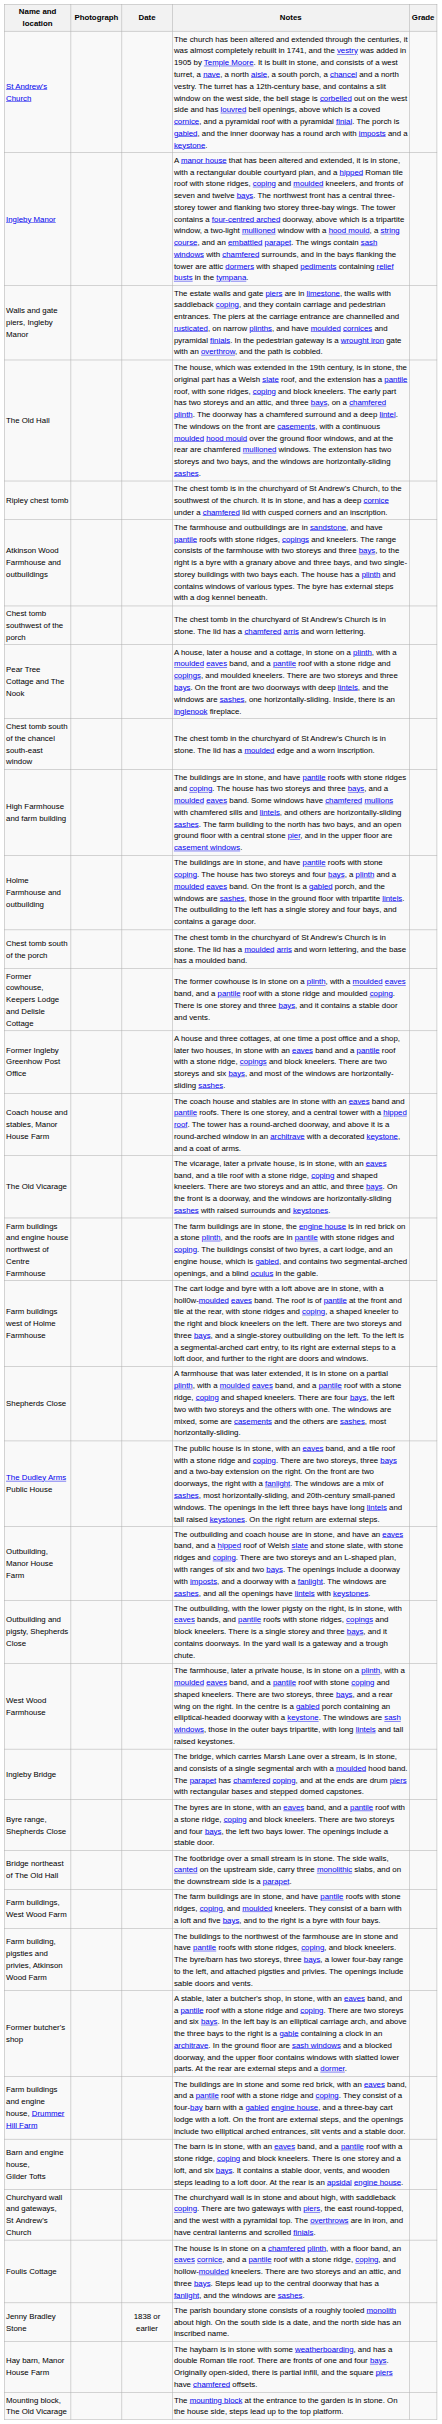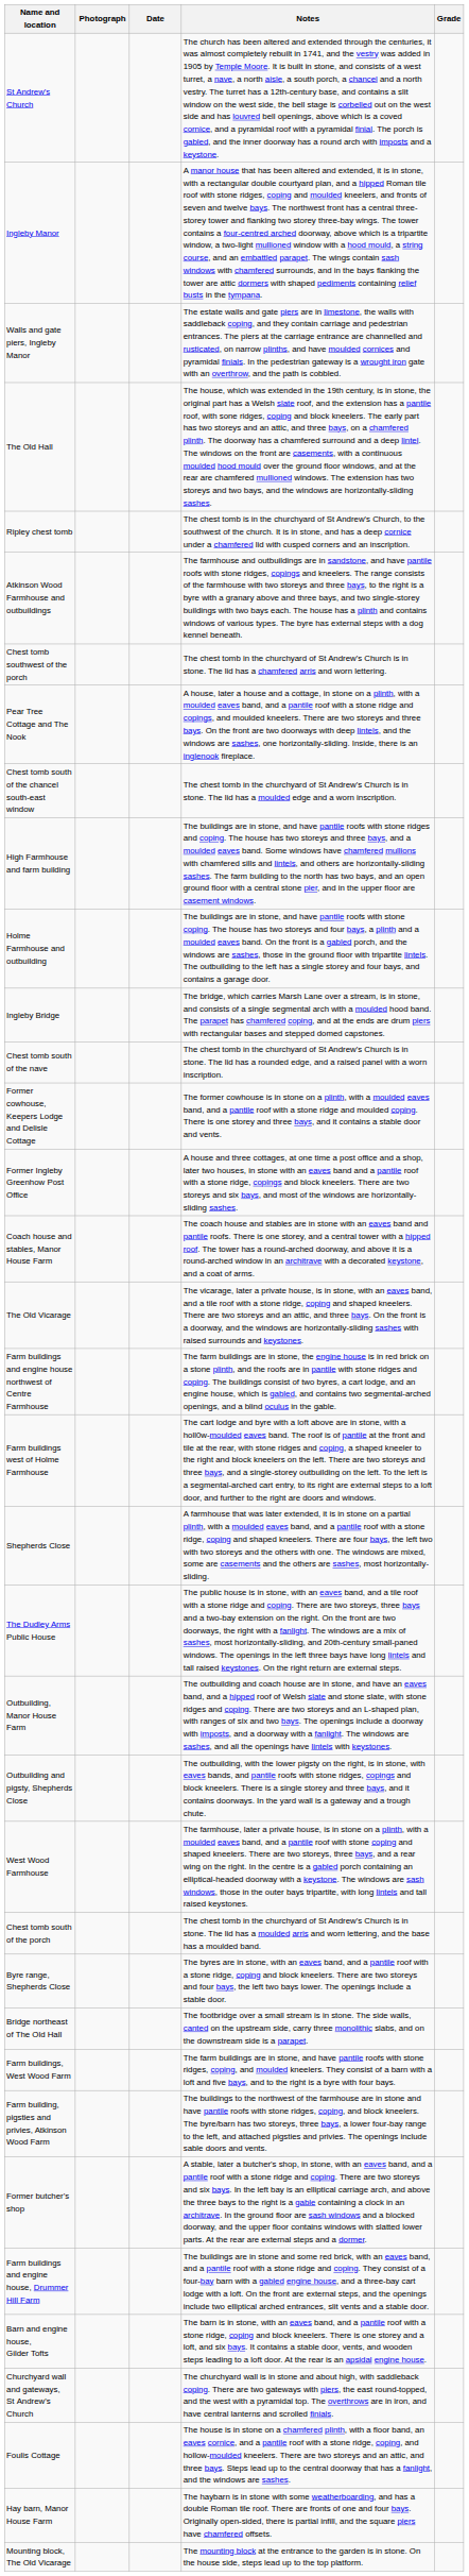 <table class="wikitable sortable plainrowheaders" style="width:100%; border:0px; text-align:left; line-height:150%">
 <tr>
 <th scope="col"  style="width:150px">Name and location</th>
 <th scope="col"  style="width:100px" class="unsortable">Photograph</th>
 <th scope="col"  style="width:120px">Date</th>
 <th scope="col"  style="width:650px" class="unsortable">Notes</th>
 <th scope="col"  style="width:50px">Grade</th>
 </tr>
 <tr>
 <td><a href='#'>St Andrew's Church</a><br><small></small></td>
 <td></td>
 <td align="center"></td>
 <td>The church has been altered and extended through the centuries, it was almost completely rebuilt in 1741, and the <a href='#'>vestry</a> was added in 1905 by <a href='#'>Temple Moore</a>. It is built in stone, and consists of a west turret, a <a href='#'>nave</a>, a north <a href='#'>aisle</a>, a south porch, a <a href='#'>chancel</a> and a north vestry. The turret has a 12th-century base, and contains a slit window on the west side, the bell stage is <a href='#'>corbelled</a> out on the west side and has <a href='#'>louvred</a> bell openings, above which is a coved <a href='#'>cornice</a>, and a pyramidal roof with a pyramidal <a href='#'>finial</a>. The porch is <a href='#'>gabled</a>, and the inner doorway has a round arch with <a href='#'>imposts</a> and a <a href='#'>keystone</a>.</td>
 <td align="center" ></td>
 </tr>
 <tr>
 <td><a href='#'>Ingleby Manor</a><br><small></small></td>
 <td></td>
 <td align="center"></td>
 <td>A <a href='#'>manor house</a> that has been altered and extended, it is in stone, with a rectangular double courtyard plan, and a <a href='#'>hipped</a> Roman tile roof with stone ridges, <a href='#'>coping</a> and <a href='#'>moulded</a> kneelers, and fronts of seven and twelve <a href='#'>bays</a>. The northwest front has a central three-storey tower and flanking two storey three-bay wings. The tower contains a <a href='#'>four-centred arched</a> doorway, above which is a tripartite window, a two-light <a href='#'>mullioned</a> window with a <a href='#'>hood mould</a>, a <a href='#'>string course</a>, and an <a href='#'>embattled</a> <a href='#'>parapet</a>. The wings contain <a href='#'>sash windows</a> with <a href='#'>chamfered</a> surrounds, and in the bays flanking the tower are attic <a href='#'>dormers</a> with shaped <a href='#'>pediments</a> containing <a href='#'>relief</a> <a href='#'>busts</a> in the <a href='#'>tympana</a>.</td>
 <td align="center" ></td>
 </tr>
 <tr>
 <td>Walls and gate piers, Ingleby Manor<br><small></small></td>
 <td></td>
 <td align="center"></td>
 <td>The estate walls and gate <a href='#'>piers</a> are in <a href='#'>limestone</a>, the walls with saddleback <a href='#'>coping</a>, and they contain carriage and pedestrian entrances. The piers at the carriage entrance are channelled and <a href='#'>rusticated</a>, on narrow <a href='#'>plinths</a>, and have <a href='#'>moulded</a> <a href='#'>cornices</a> and pyramidal <a href='#'>finials</a>. In the pedestrian gateway is a <a href='#'>wrought iron</a> gate with an <a href='#'>overthrow</a>, and the path is cobbled.</td>
 <td align="center" ></td>
 </tr>
 <tr>
 <td>The Old Hall<br><small></small></td>
 <td></td>
 <td align="center"></td>
 <td>The house, which was extended in the 19th century, is in stone, the original part has a Welsh <a href='#'>slate</a> roof, and the extension has a <a href='#'>pantile</a> roof, with sone ridges, <a href='#'>coping</a> and block kneelers. The early part has two storeys and an attic, and three <a href='#'>bays</a>, on a <a href='#'>chamfered</a> <a href='#'>plinth</a>. The doorway has a chamfered surround and a deep <a href='#'>lintel</a>. The windows on the front are <a href='#'>casements</a>, with a continuous <a href='#'>moulded</a> <a href='#'>hood mould</a> over the ground floor windows, and at the rear are chamfered <a href='#'>mullioned</a> windows. The extension has two storeys and two bays, and the windows are horizontally-sliding <a href='#'>sashes</a>.</td>
 <td align="center" ></td>
 </tr>
 <tr>
 <td>Ripley chest tomb<br><small></small></td>
 <td></td>
 <td align="center"></td>
 <td>The chest tomb is in the churchyard of St Andrew's Church, to the southwest of the church. It is in stone, and has a deep <a href='#'>cornice</a> under a <a href='#'>chamfered</a> lid with cusped corners and an inscription.</td>
 <td align="center" ></td>
 </tr>
 <tr>
 <td>Atkinson Wood Farmhouse and outbuildings<br><small></small></td>
 <td></td>
 <td align="center"></td>
 <td>The farmhouse and outbuildings are in <a href='#'>sandstone</a>, and have <a href='#'>pantile</a> roofs with stone ridges, <a href='#'>copings</a> and kneelers. The range consists of the farmhouse with two storeys and three <a href='#'>bays</a>, to the  right is a byre with a granary above and three bays, and two single-storey buildings with two bays each. The house has a <a href='#'>plinth</a> and contains windows of various types.  The byre has external steps with a dog kennel beneath.</td>
 <td align="center" ></td>
 </tr>
 <tr>
 <td>Chest tomb southwest of the porch<br><small></small></td>
 <td></td>
 <td align="center"></td>
 <td>The chest tomb in the churchyard of St Andrew's Church is in stone. The lid has a <a href='#'>chamfered</a> <a href='#'>arris</a> and worn lettering.</td>
 <td align="center" ></td>
 </tr>
 <tr>
 <td>Pear Tree Cottage and The Nook<br><small></small></td>
 <td></td>
 <td align="center"></td>
 <td>A house, later a house and a cottage, in stone on a <a href='#'>plinth</a>, with a <a href='#'>moulded</a> <a href='#'>eaves</a> band, and a <a href='#'>pantile</a> roof with a stone ridge and <a href='#'>copings</a>, and moulded kneelers. There are two storeys and three <a href='#'>bays</a>. On the front are two doorways with deep <a href='#'>lintels</a>, and the windows are <a href='#'>sashes</a>, one horizontally-sliding. Inside, there is an <a href='#'>inglenook</a> fireplace.</td>
 <td align="center" ></td>
 </tr>
 <tr>
 <td>Chest tomb south of the chancel south-east window<br><small></small></td>
 <td></td>
 <td align="center"></td>
 <td>The chest tomb in the churchyard of St Andrew's Church is in stone. The lid has a <a href='#'>moulded</a> edge and a worn inscription.</td>
 <td align="center" ></td>
 </tr>
 <tr>
 <td>High Farmhouse and farm building<br><small></small></td>
 <td></td>
 <td align="center"></td>
 <td>The buildings are in stone, and have <a href='#'>pantile</a> roofs with stone ridges and <a href='#'>coping</a>. The house has two storeys and three <a href='#'>bays</a>, and a <a href='#'>moulded</a> <a href='#'>eaves</a> band. Some windows have <a href='#'>chamfered</a> <a href='#'>mullions</a> with chamfered sills and <a href='#'>lintels</a>, and others are horizontally-sliding <a href='#'>sashes</a>. The farm building to the north has two bays, and an open ground floor with a central stone <a href='#'>pier</a>, and in the upper floor are <a href='#'>casement windows</a>.</td>
 <td align="center" ></td>
 </tr>
 <tr>
 <td>Holme Farmhouse and outbuilding<br><small></small></td>
 <td></td>
 <td align="center"></td>
 <td>The buildings are in stone, and have <a href='#'>pantile</a> roofs with stone <a href='#'>coping</a>. The house has two storeys and four <a href='#'>bays</a>, a <a href='#'>plinth</a> and a <a href='#'>moulded</a> <a href='#'>eaves</a> band. On the front is a <a href='#'>gabled</a> porch, and the windows are <a href='#'>sashes</a>, those in the ground floor with tripartite <a href='#'>lintels</a>. The outbuilding to the left has a single storey and four bays, and contains a garage door.</td>
 <td align="center" ></td>
 </tr>
 <tr>
-<td>Chest tomb south of the porch<br><small></small></td>
+<td>Ingleby Bridge<br><small></small></td>
 <td></td>
 <td align="center"></td>
-<td>The chest tomb in the churchyard of St Andrew's Church is in stone. The lid has a <a href='#'>moulded</a> <a href='#'>arris</a> and worn lettering, and the base has a moulded band.</td>
+<td>The bridge, which carries Marsh Lane over a stream, is in stone, and consists of a single segmental arch with a <a href='#'>moulded</a> hood band. The <a href='#'>parapet</a> has <a href='#'>chamfered</a> <a href='#'>coping</a>, and at the ends are drum <a href='#'>piers</a> with rectangular bases and stepped domed capstones.</td>
+<td align="center" ></td>
+</tr>
+<tr>
+<td>Chest tomb south of the nave<br><small></small></td>
+<td></td>
+<td align="center"></td>
+<td>The chest tomb in the churchyard of St Andrew's Church is in stone. The lid has a rounded edge, and a raised panel with a worn inscription.</td>
 <td align="center" ></td>
 </tr>
 <tr>
 <td>Former cowhouse, Keepers Lodge and Delisle Cottage<br><small></small></td>
 <td></td>
 <td align="center"></td>
 <td>The former cowhouse is in stone on a <a href='#'>plinth</a>, with a <a href='#'>moulded</a> <a href='#'>eaves</a> band, and a <a href='#'>pantile</a> roof with a stone ridge and moulded <a href='#'>coping</a>. There is one storey and three <a href='#'>bays</a>, and it contains a stable door and vents.</td>
 <td align="center" ></td>
 </tr>
 <tr>
 <td>Former Ingleby Greenhow Post Office<br><small></small></td>
 <td></td>
 <td align="center"></td>
 <td>A house and three cottages, at one time a post office and a shop, later two houses, in stone with an <a href='#'>eaves</a> band and a <a href='#'>pantile</a> roof with a stone ridge, <a href='#'>copings</a> and block kneelers. There are two storeys and six <a href='#'>bays</a>, and most of the windows are horizontally-sliding <a href='#'>sashes</a>.</td>
 <td align="center" ></td>
 </tr>
 <tr>
 <td>Coach house and stables, Manor House Farm<br><small></small></td>
 <td></td>
 <td align="center"></td>
 <td>The coach house and stables are in stone with an <a href='#'>eaves</a> band and <a href='#'>pantile</a> roofs. There is one storey, and a central tower with a <a href='#'>hipped roof</a>. The tower has a round-arched doorway, and above it is a round-arched window in an <a href='#'>architrave</a> with a decorated <a href='#'>keystone</a>, and a coat of arms.</td>
 <td align="center" ></td>
 </tr>
 <tr>
 <td>The Old Vicarage<br><small></small></td>
 <td></td>
 <td align="center"></td>
 <td>The vicarage, later a private house, is in stone, with an <a href='#'>eaves</a> band, and a tile roof with a stone ridge, <a href='#'>coping</a> and shaped kneelers. There are two storeys and an attic, and three <a href='#'>bays</a>. On the front is a doorway, and the windows are horizontally-sliding <a href='#'>sashes</a> with raised surrounds and <a href='#'>keystones</a>.</td>
 <td align="center" ></td>
 </tr>
 <tr>
 <td>Farm buildings and engine house northwest of Centre Farmhouse<br><small></small></td>
 <td></td>
 <td align="center"></td>
 <td>The farm buildings are in stone, the <a href='#'>engine house</a> is in red brick on a stone <a href='#'>plinth</a>, and the roofs are in <a href='#'>pantile</a> with stone ridges and <a href='#'>coping</a>. The buildings consist of two byres, a cart lodge, and an engine house, which is <a href='#'>gabled</a>, and contains two segmental-arched openings, and a blind <a href='#'>oculus</a> in the gable.</td>
 <td align="center" ></td>
 </tr>
 <tr>
 <td>Farm buildings west of Holme Farmhouse<br><small></small></td>
 <td></td>
 <td align="center"></td>
 <td>The cart lodge and byre with a loft above are in stone, with a holl0w-<a href='#'>moulded</a> <a href='#'>eaves</a> band.  The roof is of <a href='#'>pantile</a> at the front and tile at the rear, with stone ridges and <a href='#'>coping</a>, a shaped kneeler to the right and block kneelers on the left. There are two storeys and three <a href='#'>bays</a>, and a single-storey outbuilding on the left. To the left is a segmental-arched cart entry, to its right are external steps to a loft door, and further to the right are doors and windows.</td>
 <td align="center" ></td>
 </tr>
 <tr>
 <td>Shepherds Close<br><small></small></td>
 <td></td>
 <td align="center"></td>
 <td>A farmhouse that was later extended, it is in stone on a partial <a href='#'>plinth</a>, with a <a href='#'>moulded</a> <a href='#'>eaves</a> band, and a <a href='#'>pantile</a> roof with a stone ridge, <a href='#'>coping</a> and shaped kneelers. There are four <a href='#'>bays</a>, the left two with two storeys and the others with one. The windows are mixed, some are <a href='#'>casements</a> and the others are <a href='#'>sashes</a>, most horizontally-sliding.</td>
 <td align="center" ></td>
 </tr>
 <tr>
 <td><a href='#'>The Dudley Arms</a> Public House<br><small></small></td>
 <td></td>
 <td align="center"></td>
 <td>The public house is in stone, with an <a href='#'>eaves</a> band, and a tile roof with a stone ridge and <a href='#'>coping</a>. There are two storeys, three <a href='#'>bays</a> and a two-bay extension on the right. On the front are two doorways, the right with  a <a href='#'>fanlight</a>.  The windows are a mix of <a href='#'>sashes</a>, most horizontally-sliding, and 20th-century small-paned windows. The openings in the left three bays have long <a href='#'>lintels</a> and tall raised <a href='#'>keystones</a>. On the right return are external steps.</td>
 <td align="center" ></td>
 </tr>
 <tr>
 <td>Outbuilding, Manor House Farm<br><small></small></td>
 <td></td>
 <td align="center"></td>
 <td>The outbuilding and coach house are in stone, and have an <a href='#'>eaves</a> band, and a <a href='#'>hipped</a> roof of Welsh <a href='#'>slate</a> and stone slate, with stone ridges and <a href='#'>coping</a>. There are two storeys and an L-shaped plan, with ranges of six and two <a href='#'>bays</a>. The openings include a doorway with <a href='#'>imposts</a>, and a doorway with a <a href='#'>fanlight</a>. The windows are <a href='#'>sashes</a>, and all the openings have <a href='#'>lintels</a> with <a href='#'>keystones</a>.</td>
 <td align="center" ></td>
 </tr>
 <tr>
 <td>Outbuilding and pigsty, Shepherds Close<br><small></small></td>
 <td></td>
 <td align="center"></td>
 <td>The outbuilding, with the lower pigsty on the right, is in stone, with <a href='#'>eaves</a> bands, and <a href='#'>pantile</a> roofs with stone ridges, <a href='#'>copings</a> and block kneelers. There is a single storey and three <a href='#'>bays</a>, and it contains doorways. In the yard wall is a gateway and a trough chute.</td>
 <td align="center" ></td>
 </tr>
 <tr>
 <td>West Wood Farmhouse<br><small></small></td>
 <td></td>
 <td align="center"></td>
 <td>The farmhouse, later a private house, is in stone on a <a href='#'>plinth</a>, with a <a href='#'>moulded</a> <a href='#'>eaves</a> band, and a <a href='#'>pantile</a> roof with stone <a href='#'>coping</a> and shaped kneelers. There are two storeys, three <a href='#'>bays</a>, and a rear wing on the right.  In the centre is a <a href='#'>gabled</a> porch containing an elliptical-headed doorway with a <a href='#'>keystone</a>. The windows are <a href='#'>sash windows</a>, those in the outer bays tripartite, with long <a href='#'>lintels</a> and tall raised keystones.</td>
 <td align="center" ></td>
 </tr>
 <tr>
-<td>Ingleby Bridge<br><small></small></td>
+<td>Chest tomb south of the porch<br><small></small></td>
 <td></td>
 <td align="center"></td>
-<td>The bridge, which carries Marsh Lane over a stream, is in stone, and consists of a single segmental arch with a <a href='#'>moulded</a> hood band. The <a href='#'>parapet</a> has <a href='#'>chamfered</a> <a href='#'>coping</a>, and at the ends are drum <a href='#'>piers</a> with rectangular bases and stepped domed capstones.</td>
+<td>The chest tomb in the churchyard of St Andrew's Church is in stone. The lid has a <a href='#'>moulded</a> <a href='#'>arris</a> and worn lettering, and the base has a moulded band.</td>
 <td align="center" ></td>
 </tr>
 <tr>
 <td>Byre range, Shepherds Close<br><small></small></td>
 <td></td>
 <td align="center"></td>
 <td>The byres are in stone, with an <a href='#'>eaves</a> band, and a <a href='#'>pantile</a> roof with a stone ridge, <a href='#'>coping</a> and block kneelers. There are two storeys and four <a href='#'>bays</a>, the left two bays lower. The openings include a stable door.</td>
 <td align="center" ></td>
 </tr>
 <tr>
 <td>Bridge northeast of The Old Hall<br><small></small></td>
 <td></td>
 <td align="center"></td>
 <td>The footbridge over a small stream is in stone. The side walls, <a href='#'>canted</a> on the upstream side, carry three <a href='#'>monolithic</a> slabs, and on the downstream side is a <a href='#'>parapet</a>.</td>
 <td align="center" ></td>
 </tr>
 <tr>
 <td>Farm buildings, West Wood Farm<br><small></small></td>
 <td></td>
 <td align="center"></td>
 <td>The farm buildings are in stone, and have <a href='#'>pantile</a> roofs with stone ridges, <a href='#'>coping</a>, and <a href='#'>moulded</a> kneelers. They consist of a barn with a loft and five <a href='#'>bays</a>, and to the right is a byre with four bays.</td>
 <td align="center" ></td>
 </tr>
 <tr>
 <td>Farm building, pigsties and privies, Atkinson Wood Farm<br><small></small></td>
 <td></td>
 <td align="center"></td>
 <td>The buildings to the northwest of the farmhouse are in stone and have <a href='#'>pantile</a> roofs with stone ridges, <a href='#'>coping</a>, and block kneelers. The byre/barn has two storeys, three <a href='#'>bays</a>, a lower four-bay range to the left, and attached pigsties and privies. The openings include sable doors and vents.</td>
 <td align="center" ></td>
 </tr>
 <tr>
 <td>Former butcher's shop<br><small></small></td>
 <td></td>
 <td align="center"></td>
 <td>A stable, later a butcher's shop, in stone, with an <a href='#'>eaves</a> band, and a <a href='#'>pantile</a> roof with a stone ridge and <a href='#'>coping</a>. There are two storeys and six <a href='#'>bays</a>. In the left bay is an elliptical carriage arch, and above the three bays to the right is a <a href='#'>gable</a> containing a clock in an <a href='#'>architrave</a>. In the ground floor are <a href='#'>sash windows</a> and a blocked doorway, and the upper floor contains windows with slatted lower parts. At the rear are external steps and a <a href='#'>dormer</a>.</td>
 <td align="center" ></td>
 </tr>
 <tr>
 <td>Farm buildings and engine house, <a href='#'>Drummer Hill Farm</a><br><small></small></td>
 <td></td>
 <td align="center"></td>
 <td>The buildings are in stone and some red brick, with an <a href='#'>eaves</a> band, and a <a href='#'>pantile</a> roof with a stone ridge and <a href='#'>coping</a>. They consist of a four-<a href='#'>bay</a> barn with a <a href='#'>gabled</a> <a href='#'>engine house</a>, and a three-bay cart lodge with a loft. On the front are external steps, and the openings include two elliptical arched entrances, slit vents and a stable door.</td>
 <td align="center" ></td>
 </tr>
 <tr>
 <td>Barn and engine house,<br>Gilder Tofts<br><small></small></td>
 <td></td>
 <td align="center"></td>
 <td>The barn is in stone, with an <a href='#'>eaves</a> band, and a <a href='#'>pantile</a> roof with a stone ridge, <a href='#'>coping</a> and block kneelers. There is one storey and a loft, and six <a href='#'>bays</a>. It contains a stable door, vents, and wooden steps leading to a  loft door. At the rear is an <a href='#'>apsidal</a> <a href='#'>engine house</a>.</td>
 <td align="center" ></td>
 </tr>
 <tr>
 <td>Churchyard wall and gateways, St Andrew's Church<br><small></small></td>
 <td></td>
 <td align="center"></td>
 <td>The churchyard wall is in stone and about  high, with saddleback <a href='#'>coping</a>. There are two gateways with <a href='#'>piers</a>, the east round-topped, and the west with a pyramidal top. The <a href='#'>overthrows</a> are in iron, and have central lanterns and scrolled <a href='#'>finials</a>.</td>
 <td align="center" ></td>
 </tr>
 <tr>
 <td>Foulis Cottage<br><small></small></td>
 <td></td>
 <td align="center"></td>
 <td>The house is in stone on a <a href='#'>chamfered</a> <a href='#'>plinth</a>, with a floor band, an <a href='#'>eaves</a> <a href='#'>cornice</a>, and a <a href='#'>pantile</a> roof with a stone ridge, <a href='#'>coping</a>, and hollow-<a href='#'>moulded</a> kneelers. There are two storeys and an attic, and three <a href='#'>bays</a>. Steps lead up to the central doorway that has a <a href='#'>fanlight</a>, and the windows are <a href='#'>sashes</a>.</td>
 <td align="center" ></td>
 </tr>
 <tr>
-<td>Jenny Bradley Stone<br><small></small></td>
-<td></td>
-<td align="center">1838 or earlier</td>
-<td>The parish boundary stone consists of a roughly tooled <a href='#'>monolith</a> about  high.  On the south side is a date, and the north side has an inscribed name.</td>
-<td align="center" ></td>
-</tr>
-<tr>
 <td>Hay barn, Manor House Farm<br><small></small></td>
 <td></td>
 <td align="center"></td>
 <td>The haybarn is in stone with some <a href='#'>weatherboarding</a>, and has a double Roman tile roof. There are fronts of one and four <a href='#'>bays</a>. Originally open-sided, there is partial infill, and the square <a href='#'>piers</a> have <a href='#'>chamfered</a> offsets.</td>
 <td align="center" ></td>
 </tr>
 <tr>
 <td>Mounting block, The Old Vicarage<br><small></small></td>
 <td></td>
 <td align="center"></td>
 <td>The <a href='#'>mounting block</a> at the entrance to the garden is in stone. On the house side, steps lead up to the top platform.</td>
 <td align="center" ></td>
 </tr>
 <tr>
 </tr>
 </table>
